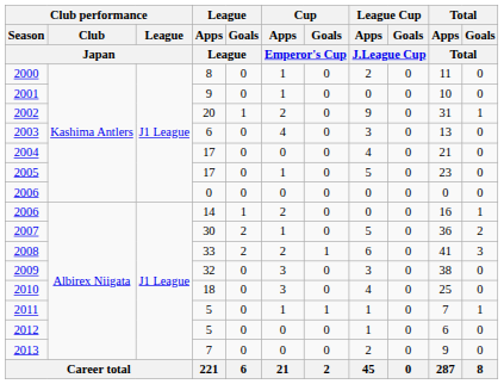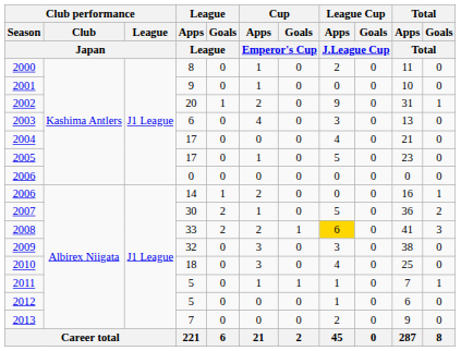 <table class="wikitable" style="text-align:center">
 <tr>
 <th colspan=3>Club performance</th>
 <th colspan=2>League</th>
 <th colspan=2>Cup</th>
 <th colspan=2>League Cup</th>
 <th colspan=2>Total</th>
 </tr>
 <tr>
 <th>Season</th>
 <th>Club</th>
 <th>League</th>
 <th>Apps</th>
 <th>Goals</th>
 <th>Apps</th>
 <th>Goals</th>
 <th>Apps</th>
 <th>Goals</th>
 <th>Apps</th>
 <th>Goals</th>
 </tr>
 <tr>
 <th colspan=3>Japan</th>
 <th colspan=2>League</th>
 <th colspan=2><a href='#'>Emperor's Cup</a></th>
 <th colspan=2><a href='#'>J.League Cup</a></th>
 <th colspan=2>Total</th>
 </tr>
 <tr>
 <td><a href='#'>2000</a></td>
 <td rowspan="7"><a href='#'>Kashima Antlers</a></td>
 <td rowspan="7"><a href='#'>J1 League</a></td>
 <td>8</td>
 <td>0</td>
 <td>1</td>
 <td>0</td>
 <td>2</td>
 <td>0</td>
 <td>11</td>
 <td>0</td>
 </tr>
 <tr>
 <td><a href='#'>2001</a></td>
 <td>9</td>
 <td>0</td>
 <td>1</td>
 <td>0</td>
 <td>0</td>
 <td>0</td>
 <td>10</td>
 <td>0</td>
 </tr>
 <tr>
 <td><a href='#'>2002</a></td>
 <td>20</td>
 <td>1</td>
 <td>2</td>
 <td>0</td>
 <td>9</td>
 <td>0</td>
 <td>31</td>
 <td>1</td>
 </tr>
 <tr>
 <td><a href='#'>2003</a></td>
 <td>6</td>
 <td>0</td>
 <td>4</td>
 <td>0</td>
 <td>3</td>
 <td>0</td>
 <td>13</td>
 <td>0</td>
 </tr>
 <tr>
 <td><a href='#'>2004</a></td>
 <td>17</td>
 <td>0</td>
 <td>0</td>
 <td>0</td>
 <td>4</td>
 <td>0</td>
 <td>21</td>
 <td>0</td>
 </tr>
 <tr>
 <td><a href='#'>2005</a></td>
 <td>17</td>
 <td>0</td>
 <td>1</td>
 <td>0</td>
 <td>5</td>
 <td>0</td>
 <td>23</td>
 <td>0</td>
 </tr>
 <tr>
 <td><a href='#'>2006</a></td>
 <td>0</td>
 <td>0</td>
 <td>0</td>
 <td>0</td>
 <td>0</td>
 <td>0</td>
 <td>0</td>
 <td>0</td>
 </tr>
 <tr>
 <td><a href='#'>2006</a></td>
 <td rowspan="8"><a href='#'>Albirex Niigata</a></td>
 <td rowspan="8"><a href='#'>J1 League</a></td>
 <td>14</td>
 <td>1</td>
 <td>2</td>
 <td>0</td>
 <td>0</td>
 <td>0</td>
 <td>16</td>
 <td>1</td>
 </tr>
 <tr>
 <td><a href='#'>2007</a></td>
 <td>30</td>
 <td>2</td>
 <td>1</td>
 <td>0</td>
 <td>5</td>
 <td>0</td>
 <td>36</td>
 <td>2</td>
 </tr>
 <tr>
 <td><a href='#'>2008</a></td>
 <td>33</td>
 <td>2</td>
 <td>2</td>
 <td>1</td>
-<td>6</td>
+<td style="background: gold;">6</td>
 <td>0</td>
 <td>41</td>
 <td>3</td>
 </tr>
 <tr>
 <td><a href='#'>2009</a></td>
 <td>32</td>
 <td>0</td>
 <td>3</td>
 <td>0</td>
 <td>3</td>
 <td>0</td>
 <td>38</td>
 <td>0</td>
 </tr>
 <tr>
 <td><a href='#'>2010</a></td>
 <td>18</td>
 <td>0</td>
 <td>3</td>
 <td>0</td>
 <td>4</td>
 <td>0</td>
 <td>25</td>
 <td>0</td>
 </tr>
 <tr>
 <td><a href='#'>2011</a></td>
 <td>5</td>
 <td>0</td>
 <td>1</td>
 <td>1</td>
 <td>1</td>
 <td>0</td>
 <td>7</td>
 <td>1</td>
 </tr>
 <tr>
 <td><a href='#'>2012</a></td>
 <td>5</td>
 <td>0</td>
 <td>0</td>
 <td>0</td>
 <td>1</td>
 <td>0</td>
 <td>6</td>
 <td>0</td>
 </tr>
 <tr>
 <td><a href='#'>2013</a></td>
 <td>7</td>
 <td>0</td>
 <td>0</td>
 <td>0</td>
 <td>2</td>
 <td>0</td>
 <td>9</td>
 <td>0</td>
 </tr>
 <tr>
 <th colspan=3>Career total</th>
 <th>221</th>
 <th>6</th>
 <th>21</th>
 <th>2</th>
 <th>45</th>
 <th>0</th>
 <th>287</th>
 <th>8</th>
 </tr>
 </table>
